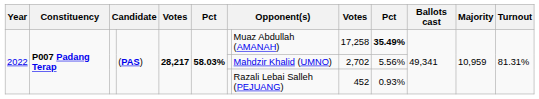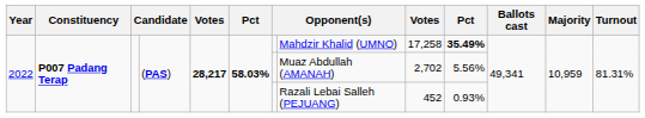 <table class="wikitable" style="margin:0.5em ; font-size:95%">
 <tr>
 <th>Year</th>
 <th>Constituency</th>
 <th colspan=2>Candidate</th>
 <th>Votes</th>
 <th>Pct</th>
 <th colspan=2>Opponent(s)</th>
 <th>Votes</th>
 <th>Pct</th>
 <th>Ballots cast</th>
 <th>Majority</th>
 <th>Turnout</th>
 </tr>
 <tr>
 <td rowspan="3"><a href='#'>2022</a></td>
 <td rowspan=3><strong>P007 <a href='#'>Padang Terap</a></strong></td>
 <td rowspan="3" bgcolor=></td>
 <td rowspan="3"> (<a href='#'><strong>PAS</strong></a>)</td>
 <td rowspan="3" align="right"><strong>28,217</strong></td>
 <td rowspan="3"><strong>58.03%</strong></td>
 <td></td>
-<td>Muaz Abdullah (<a href='#'>AMANAH</a>)</td>
+<td><a href='#'>Mahdzir Khalid</a> (<a href='#'>UMNO</a>)</td>
 <td align="right">17,258</td>
 <td><strong>35.49%</strong></td>
 <td rowspan="3">49,341</td>
 <td rowspan="3">10,959</td>
 <td rowspan="3">81.31%</td>
 </tr>
 <tr>
 <td></td>
-<td><a href='#'>Mahdzir Khalid</a> (<a href='#'>UMNO</a>)</td>
+<td>Muaz Abdullah (<a href='#'>AMANAH</a>)</td>
 <td align="right">2,702</td>
 <td align="right">5.56%</td>
 </tr>
 <tr>
 <td bgcolor=></td>
 <td>Razali Lebai Salleh (<a href='#'>PEJUANG</a>)</td>
 <td align="right">452</td>
 <td align="right">0.93%</td>
 </tr>
 </table>
